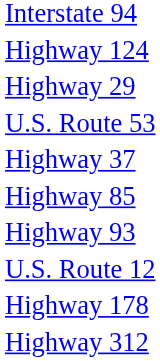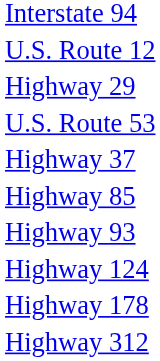 <table>
 <tr>
 <td> <a href='#'>Interstate 94</a></td>
 </tr>
 <tr>
-<td> <a href='#'>Highway 124</a></td>
+<td> <a href='#'>U.S. Route 12</a></td>
 </tr>
 <tr>
 <td> <a href='#'>Highway 29</a></td>
 </tr>
 <tr>
 <td> <a href='#'>U.S. Route 53</a></td>
 </tr>
 <tr>
 <td> <a href='#'>Highway 37</a></td>
 </tr>
 <tr>
 <td> <a href='#'>Highway 85</a></td>
 </tr>
 <tr>
 <td> <a href='#'>Highway 93</a></td>
 </tr>
 <tr>
-<td> <a href='#'>U.S. Route 12</a></td>
+<td> <a href='#'>Highway 124</a></td>
 </tr>
 <tr>
 <td> <a href='#'>Highway 178</a></td>
 </tr>
 <tr>
 <td> <a href='#'>Highway 312</a></td>
 </tr>
 </table>
